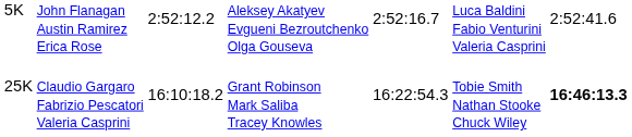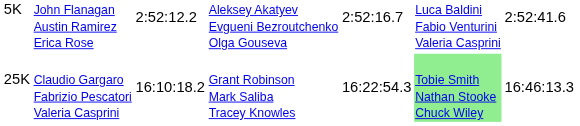 <table>
 <tr>
 <td>5K <br>  </td>
 <td> <br><small><a href='#'>John Flanagan</a><br><a href='#'>Austin Ramirez</a><br><a href='#'>Erica Rose</a></small></td>
 <td>2:52:12.2</td>
 <td> <br><small><a href='#'>Aleksey Akatyev</a><br><a href='#'>Evgueni Bezroutchenko</a><br><a href='#'>Olga Gouseva</a></small></td>
 <td>2:52:16.7</td>
 <td> <br><small><a href='#'>Luca Baldini</a><br><a href='#'>Fabio Venturini</a><br><a href='#'>Valeria Casprini</a></small></td>
 <td>2:52:41.6</td>
 </tr>
 <tr>
 <td>25K <br>  </td>
 <td> <br><small><a href='#'>Claudio Gargaro</a><br><a href='#'>Fabrizio Pescatori</a><br><a href='#'>Valeria Casprini</a></small></td>
 <td>16:10:18.2</td>
 <td> <br><small><a href='#'>Grant Robinson</a><br><a href='#'>Mark Saliba</a><br><a href='#'>Tracey Knowles</a></small></td>
 <td>16:22:54.3</td>
-<td> <br><small><a href='#'>Tobie Smith</a><br><a href='#'>Nathan Stooke</a><br><a href='#'>Chuck Wiley</a></small></td>
-<td><strong>16:46:13.3</strong></td>
+<td style="background: lightgreen;"> <br><small><a href='#'>Tobie Smith</a><br><a href='#'>Nathan Stooke</a><br><a href='#'>Chuck Wiley</a></small></td>
+<td>16:46:13.3</td>
 </tr>
 </table>
